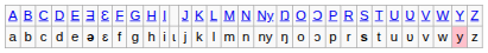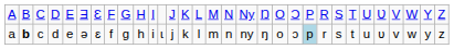 <table class="wikitable" style="text-align: center; vertical-align: middle;">
 <tr ---->
 <td><a href='#'>A</a></td>
 <td><a href='#'>B</a></td>
 <td><a href='#'>C</a></td>
 <td><a href='#'>D</a></td>
 <td><a href='#'>E</a></td>
 <td><a href='#'>Ǝ</a></td>
 <td><a href='#'>Ɛ</a></td>
 <td><a href='#'>F</a></td>
 <td><a href='#'>G</a></td>
 <td><a href='#'>H</a></td>
 <td><a href='#'>I</a></td>
 <td></td>
 <td><a href='#'>J</a></td>
 <td><a href='#'>K</a></td>
 <td><a href='#'>L</a></td>
 <td><a href='#'>M</a></td>
 <td><a href='#'>N</a></td>
 <td><a href='#'>Ny</a></td>
 <td><a href='#'>Ŋ</a></td>
 <td><a href='#'>O</a></td>
 <td><a href='#'>Ɔ</a></td>
 <td><a href='#'>P</a></td>
 <td><a href='#'>R</a></td>
 <td><a href='#'>S</a></td>
 <td><a href='#'>T</a></td>
 <td><a href='#'>U</a></td>
 <td><a href='#'>Ʋ</a></td>
 <td><a href='#'>V</a></td>
 <td><a href='#'>W</a></td>
 <td><a href='#'>Y</a></td>
 <td><a href='#'>Z</a></td>
 </tr>
 <tr ---->
 <td>a</td>
-<td>b</td>
+<td><strong>b</strong></td>
 <td>c</td>
 <td>d</td>
 <td>e</td>
-<td><strong>ǝ</strong></td>
+<td>ǝ</td>
 <td>ɛ</td>
 <td>f</td>
 <td>g</td>
 <td>h</td>
 <td>i</td>
 <td>ɩ</td>
 <td>j</td>
 <td>k</td>
 <td>l</td>
 <td>m</td>
 <td>n</td>
 <td>ny</td>
 <td>ŋ</td>
 <td>o</td>
 <td>ɔ</td>
-<td>p</td>
+<td style="background: lightblue;">p</td>
 <td>r</td>
-<td><strong>s</strong></td>
+<td>s</td>
 <td>t</td>
 <td>u</td>
 <td>ʋ</td>
 <td>v</td>
 <td>w</td>
-<td style="background: pink;">y</td>
+<td>y</td>
 <td>z</td>
 </tr>
 </table>
